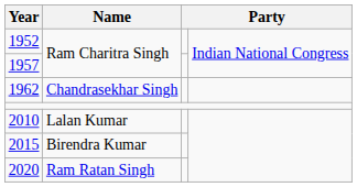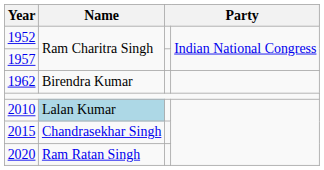 <table class="wikitable sortable">
 <tr>
 <th>Year</th>
 <th>Name</th>
 <th colspan="2">Party</th>
 </tr>
 <tr>
 <td><a href='#'>1952</a></td>
 <td rowspan="2">Ram Charitra Singh</td>
 <td style="background-color:"></td>
 <td rowspan="2"><a href='#'>Indian National Congress</a></td>
 </tr>
 <tr>
 <td><a href='#'>1957</a></td>
 <td style="background-color:"></td>
 </tr>
 <tr>
 <td><a href='#'>1962</a></td>
-<td><a href='#'>Chandrasekhar Singh</a></td>
+<td>Birendra Kumar</td>
 <td></td>
 </tr>
 <tr>
 <td colspan="4"></td>
 </tr>
 <tr>
 <td><a href='#'>2010</a></td>
-<td>Lalan Kumar</td>
+<td style="background: lightblue;">Lalan Kumar</td>
 <td></td>
 </tr>
 <tr>
 <td><a href='#'>2015</a></td>
-<td>Birendra Kumar</td>
+<td><a href='#'>Chandrasekhar Singh</a></td>
 <td></td>
 </tr>
 <tr>
 <td><a href='#'>2020</a></td>
 <td><a href='#'>Ram Ratan Singh</a></td>
 <td></td>
 </tr>
 </table>
